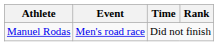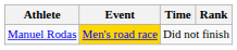 <table class="wikitable" style="font-size:90%">
 <tr>
 <th>Athlete</th>
 <th>Event</th>
 <th>Time</th>
 <th>Rank</th>
 </tr>
 <tr align=center>
 <td align=left><a href='#'>Manuel Rodas</a></td>
-<td align=left><a href='#'>Men's road race</a></td>
+<td align=left style="background: gold;"><a href='#'>Men's road race</a></td>
 <td colspan="2">Did not finish</td>
 </tr>
 </table>
